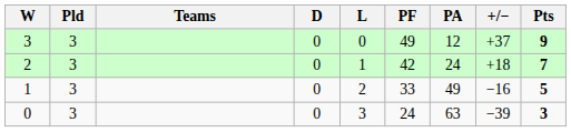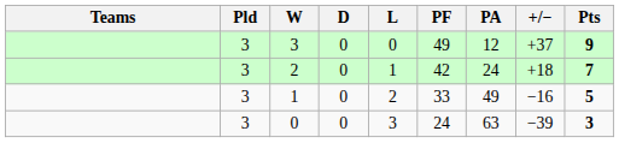 <table class="wikitable" style="text-align: center;">
 <tr>
+<th width="200">Teams</th>
+<th width="40">Pld</th>
 <th width="40">W</th>
-<th width="40">Pld</th>
-<th width="200">Teams</th>
 <th width="40">D</th>
 <th width="40">L</th>
 <th width="40">PF</th>
 <th width="40">PA</th>
 <th width="40">+/−</th>
 <th width="40">Pts</th>
 </tr>
 <tr bgcolor=ccffcc>
+<td align=left></td>
 <td>3</td>
 <td>3</td>
-<td align=left></td>
 <td>0</td>
 <td>0</td>
 <td>49</td>
 <td>12</td>
 <td>+37</td>
 <td><strong>9</strong></td>
 </tr>
 <tr bgcolor=ccffcc>
+<td align=left></td>
+<td>3</td>
 <td>2</td>
-<td>3</td>
-<td align=left></td>
 <td>0</td>
 <td>1</td>
 <td>42</td>
 <td>24</td>
 <td>+18</td>
 <td><strong>7</strong></td>
 </tr>
 <tr>
+<td align=left></td>
+<td>3</td>
 <td>1</td>
-<td>3</td>
-<td align=left></td>
 <td>0</td>
 <td>2</td>
 <td>33</td>
 <td>49</td>
 <td>−16</td>
 <td><strong>5</strong></td>
 </tr>
 <tr>
+<td align=left></td>
+<td>3</td>
 <td>0</td>
-<td>3</td>
-<td align=left></td>
 <td>0</td>
 <td>3</td>
 <td>24</td>
 <td>63</td>
 <td>−39</td>
 <td><strong>3</strong></td>
 </tr>
 </table>
